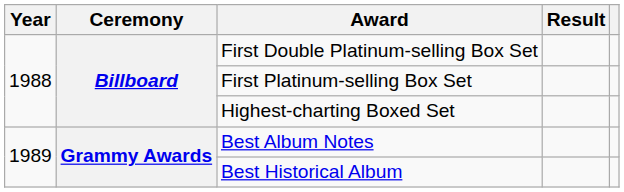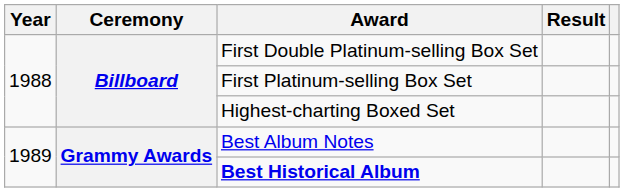 <table class="wikitable plainrowheaders">
 <tr>
 <th>Year</th>
 <th>Ceremony</th>
 <th>Award</th>
 <th>Result</th>
 <th></th>
 </tr>
 <tr>
 <td rowspan="3">1988</td>
 <th scope="row" rowspan="3"><a href='#'><em>Billboard</em></a></th>
 <td>First Double Platinum-selling Box Set</td>
 <td></td>
 <td align="center"></td>
 </tr>
 <tr>
 <td>First Platinum-selling Box Set</td>
 <td></td>
 <td align="center"></td>
 </tr>
 <tr>
 <td>Highest-charting Boxed Set</td>
 <td></td>
 <td align="center"></td>
 </tr>
 <tr>
 <td rowspan="2">1989</td>
 <th scope="row" rowspan="2"><a href='#'>Grammy Awards</a></th>
 <td><a href='#'>Best Album Notes</a></td>
 <td></td>
 <td align="center"></td>
 </tr>
 <tr>
-<td><a href='#'>Best Historical Album</a></td>
+<td><strong><a href='#'>Best Historical Album</a></strong></td>
 <td></td>
 <td align="center"></td>
 </tr>
 </table>
